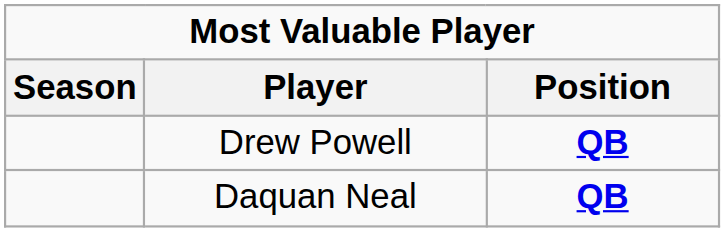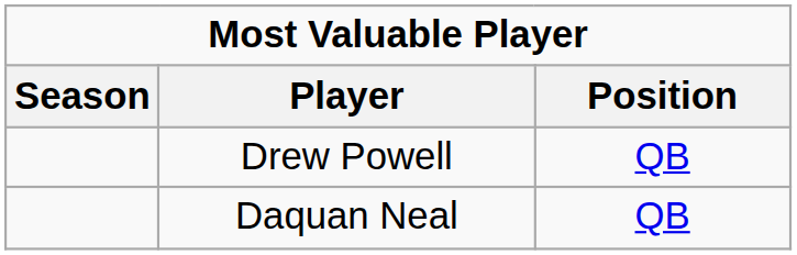 <table class="wikitable sortable" style="text-align:center">
 <tr>
 <td colspan="4"><strong>Most Valuable Player</strong></td>
 </tr>
 <tr>
 <th style="width:50px; ">Season</th>
 <th style="width:150px; ">Player</th>
 <th style="width:100px; ">Position</th>
 </tr>
 <tr>
 <td></td>
 <td>Drew Powell</td>
-<td><strong><a href='#'>QB</a></strong></td>
+<td><a href='#'>QB</a></td>
 </tr>
 <tr>
 <td></td>
 <td>Daquan Neal</td>
-<td><strong><a href='#'>QB</a></strong></td>
+<td><a href='#'>QB</a></td>
 </tr>
 </table>
